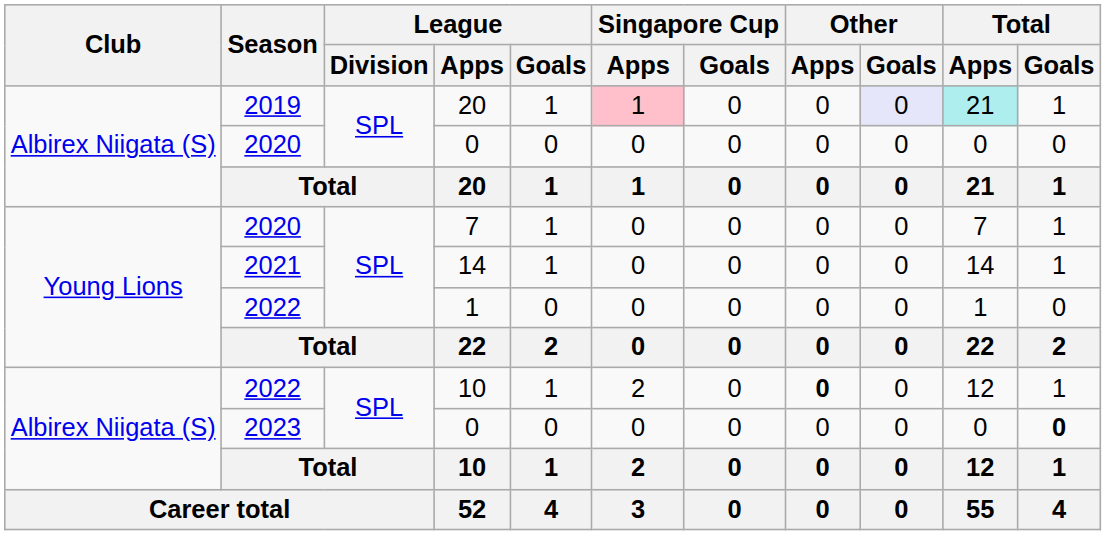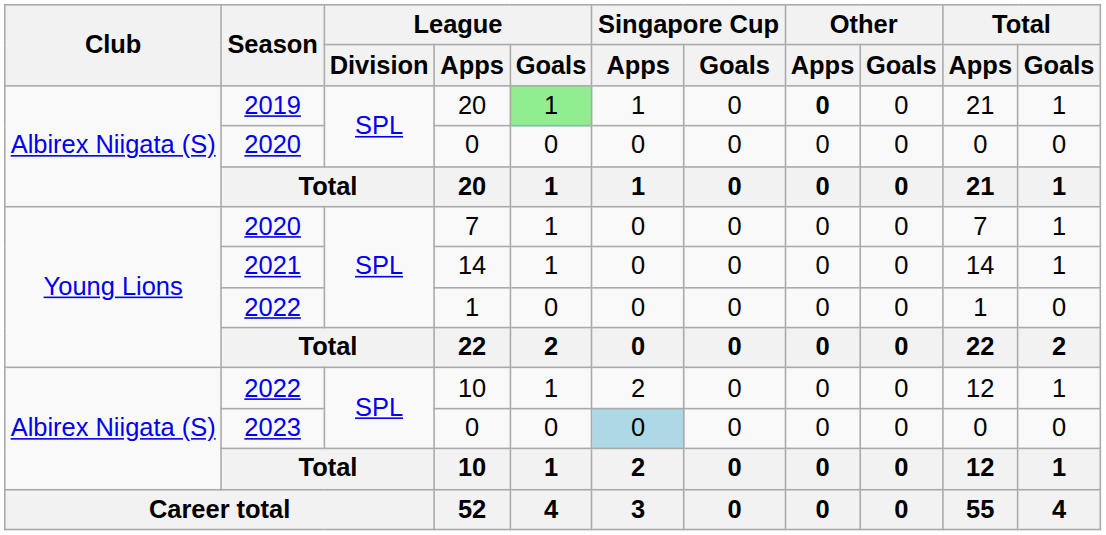 <table class="wikitable" style="text-align: center">
 <tr>
 <th rowspan="2">Club</th>
 <th rowspan="2">Season</th>
 <th colspan="3">League</th>
 <th colspan="2">Singapore Cup</th>
 <th colspan="2">Other</th>
 <th colspan="2">Total</th>
 </tr>
 <tr>
 <th>Division</th>
 <th>Apps</th>
 <th>Goals</th>
 <th>Apps</th>
 <th>Goals</th>
 <th>Apps</th>
 <th>Goals</th>
 <th>Apps</th>
 <th>Goals</th>
 </tr>
 <tr>
 <td rowspan=3><a href='#'>Albirex Niigata (S)</a></td>
 <td><a href='#'>2019</a></td>
 <td rowspan=2><a href='#'>SPL</a></td>
 <td>20</td>
+<td style="background: lightgreen;">1</td>
 <td>1</td>
-<td style="background: pink;">1</td>
 <td>0</td>
+<td><strong>0</strong></td>
 <td>0</td>
-<td style="background: lavender;">0</td>
-<td style="background: paleturquoise;">21</td>
+<td>21</td>
 <td>1</td>
 </tr>
 <tr>
 <td><a href='#'>2020</a></td>
 <td>0</td>
 <td>0</td>
 <td>0</td>
 <td>0</td>
 <td>0</td>
 <td>0</td>
 <td>0</td>
 <td>0</td>
 </tr>
 <tr>
 <th colspan=2>Total</th>
 <th>20</th>
 <th>1</th>
 <th>1</th>
 <th>0</th>
 <th>0</th>
 <th>0</th>
 <th>21</th>
 <th>1</th>
 </tr>
 <tr>
 <td rowspan=4><a href='#'>Young Lions</a></td>
 <td><a href='#'>2020</a></td>
 <td rowspan=3><a href='#'>SPL</a></td>
 <td>7</td>
 <td>1</td>
 <td>0</td>
 <td>0</td>
 <td>0</td>
 <td>0</td>
 <td>7</td>
 <td>1</td>
 </tr>
 <tr>
 <td><a href='#'>2021</a></td>
 <td>14</td>
 <td>1</td>
 <td>0</td>
 <td>0</td>
 <td>0</td>
 <td>0</td>
 <td>14</td>
 <td>1</td>
 </tr>
 <tr>
 <td><a href='#'>2022</a></td>
 <td>1</td>
 <td>0</td>
 <td>0</td>
 <td>0</td>
 <td>0</td>
 <td>0</td>
 <td>1</td>
 <td>0</td>
 </tr>
 <tr>
 <th colspan=2>Total</th>
 <th>22</th>
 <th>2</th>
 <th>0</th>
 <th>0</th>
 <th>0</th>
 <th>0</th>
 <th>22</th>
 <th>2</th>
 </tr>
 <tr>
 <td rowspan=3><a href='#'>Albirex Niigata (S)</a></td>
 <td><a href='#'>2022</a></td>
 <td rowspan=2><a href='#'>SPL</a></td>
 <td>10</td>
 <td>1</td>
 <td>2</td>
 <td>0</td>
-<td><strong>0</strong></td>
+<td>0</td>
 <td>0</td>
 <td>12</td>
 <td>1</td>
 </tr>
 <tr>
 <td><a href='#'>2023</a></td>
 <td>0</td>
 <td>0</td>
+<td style="background: lightblue;">0</td>
 <td>0</td>
 <td>0</td>
 <td>0</td>
 <td>0</td>
 <td>0</td>
-<td><strong>0</strong></td>
 </tr>
 <tr>
 <th colspan=2>Total</th>
 <th>10</th>
 <th>1</th>
 <th>2</th>
 <th>0</th>
 <th>0</th>
 <th>0</th>
 <th>12</th>
 <th>1</th>
 </tr>
 <tr>
 <th colspan=3>Career total</th>
 <th>52</th>
 <th>4</th>
 <th>3</th>
 <th>0</th>
 <th>0</th>
 <th>0</th>
 <th>55</th>
 <th>4</th>
 </tr>
 </table>
